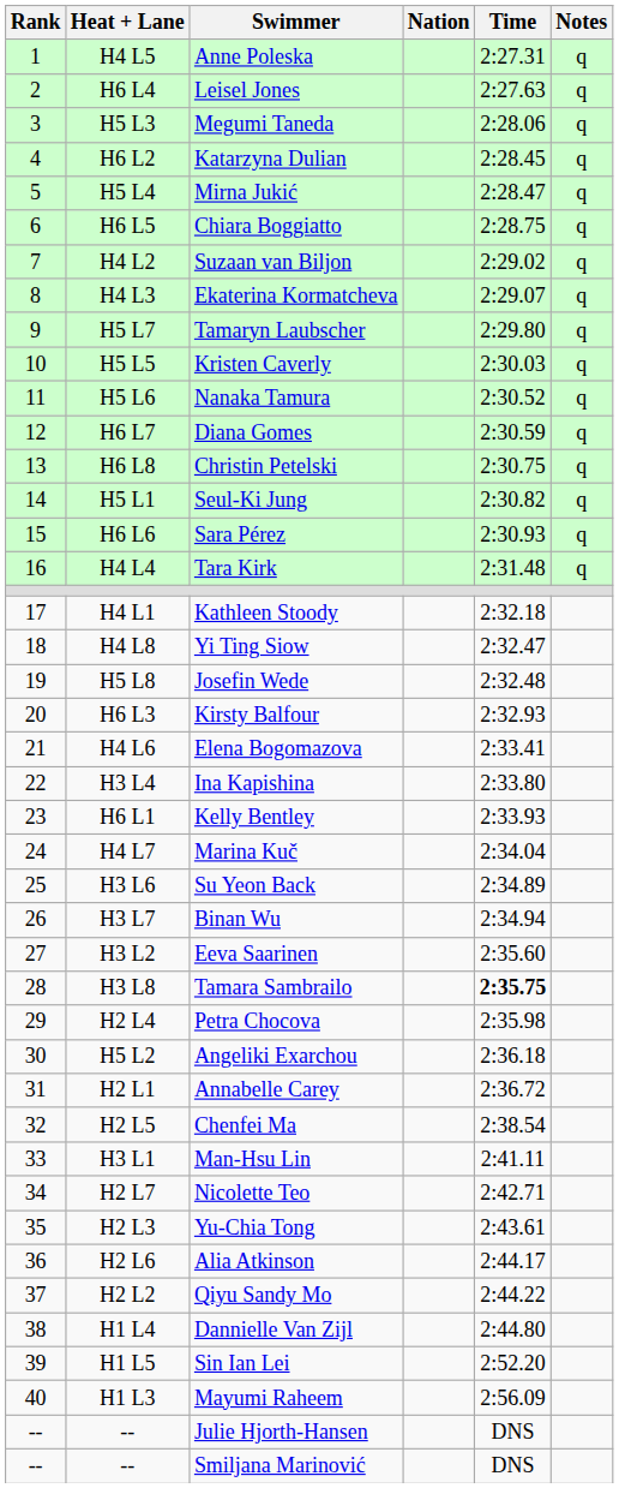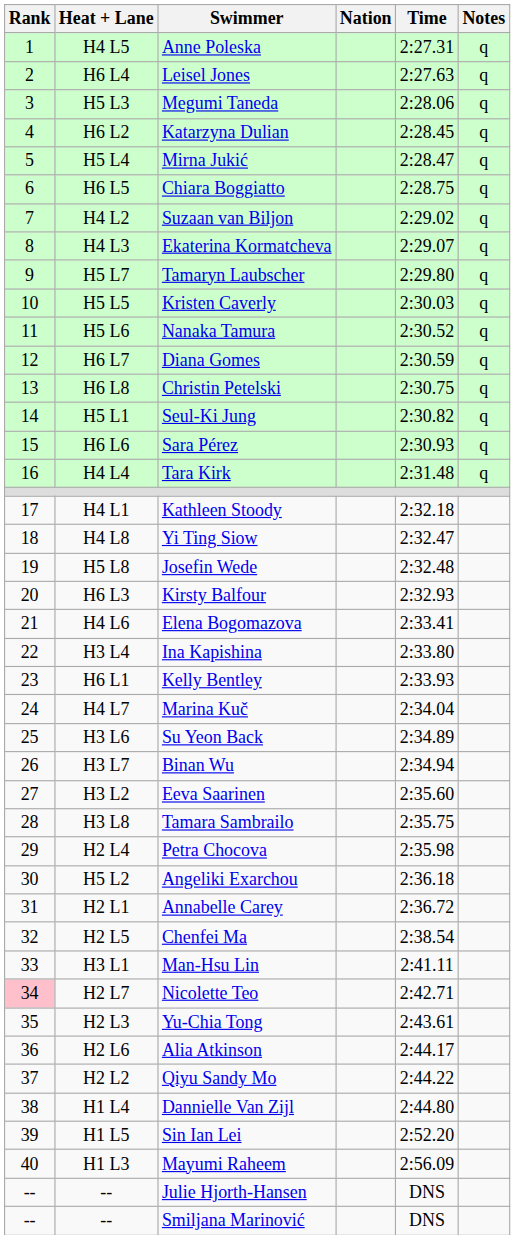 <table class="wikitable sortable" style="text-align:center">
 <tr>
 <th>Rank</th>
 <th>Heat + Lane</th>
 <th>Swimmer</th>
 <th>Nation</th>
 <th>Time</th>
 <th>Notes</th>
 </tr>
 <tr bgcolor=ccffcc>
 <td>1</td>
 <td>H4 L5</td>
 <td align=left><a href='#'>Anne Poleska</a></td>
 <td align=left></td>
 <td>2:27.31</td>
 <td>q</td>
 </tr>
 <tr bgcolor=ccffcc>
 <td>2</td>
 <td>H6 L4</td>
 <td align=left><a href='#'>Leisel Jones</a></td>
 <td align=left></td>
 <td>2:27.63</td>
 <td>q</td>
 </tr>
 <tr bgcolor=ccffcc>
 <td>3</td>
 <td>H5 L3</td>
 <td align=left><a href='#'>Megumi Taneda</a></td>
 <td align=left></td>
 <td>2:28.06</td>
 <td>q</td>
 </tr>
 <tr bgcolor=ccffcc>
 <td>4</td>
 <td>H6 L2</td>
 <td align=left><a href='#'>Katarzyna Dulian</a></td>
 <td align=left></td>
 <td>2:28.45</td>
 <td>q</td>
 </tr>
 <tr bgcolor=ccffcc>
 <td>5</td>
 <td>H5 L4</td>
 <td align=left><a href='#'>Mirna Jukić</a></td>
 <td align=left></td>
 <td>2:28.47</td>
 <td>q</td>
 </tr>
 <tr bgcolor=ccffcc>
 <td>6</td>
 <td>H6 L5</td>
 <td align=left><a href='#'>Chiara Boggiatto</a></td>
 <td align=left></td>
 <td>2:28.75</td>
 <td>q</td>
 </tr>
 <tr bgcolor=ccffcc>
 <td>7</td>
 <td>H4 L2</td>
 <td align=left><a href='#'>Suzaan van Biljon</a></td>
 <td align=left></td>
 <td>2:29.02</td>
 <td>q</td>
 </tr>
 <tr bgcolor=ccffcc>
 <td>8</td>
 <td>H4 L3</td>
 <td align=left><a href='#'>Ekaterina Kormatcheva</a></td>
 <td align=left></td>
 <td>2:29.07</td>
 <td>q</td>
 </tr>
 <tr bgcolor=ccffcc>
 <td>9</td>
 <td>H5 L7</td>
 <td align=left><a href='#'>Tamaryn Laubscher</a></td>
 <td align=left></td>
 <td>2:29.80</td>
 <td>q</td>
 </tr>
 <tr bgcolor=ccffcc>
 <td>10</td>
 <td>H5 L5</td>
 <td align=left><a href='#'>Kristen Caverly</a></td>
 <td align=left></td>
 <td>2:30.03</td>
 <td>q</td>
 </tr>
 <tr bgcolor=ccffcc>
 <td>11</td>
 <td>H5 L6</td>
 <td align=left><a href='#'>Nanaka Tamura</a></td>
 <td align=left></td>
 <td>2:30.52</td>
 <td>q</td>
 </tr>
 <tr bgcolor=ccffcc>
 <td>12</td>
 <td>H6 L7</td>
 <td align=left><a href='#'>Diana Gomes</a></td>
 <td align=left></td>
 <td>2:30.59</td>
 <td>q</td>
 </tr>
 <tr bgcolor=ccffcc>
 <td>13</td>
 <td>H6 L8</td>
 <td align=left><a href='#'>Christin Petelski</a></td>
 <td align=left></td>
 <td>2:30.75</td>
 <td>q</td>
 </tr>
 <tr bgcolor=ccffcc>
 <td>14</td>
 <td>H5 L1</td>
 <td align=left><a href='#'>Seul-Ki Jung</a></td>
 <td align=left></td>
 <td>2:30.82</td>
 <td>q</td>
 </tr>
 <tr bgcolor=ccffcc>
 <td>15</td>
 <td>H6 L6</td>
 <td align=left><a href='#'>Sara Pérez</a></td>
 <td align=left></td>
 <td>2:30.93</td>
 <td>q</td>
 </tr>
 <tr bgcolor=ccffcc>
 <td>16</td>
 <td>H4 L4</td>
 <td align=left><a href='#'>Tara Kirk</a></td>
 <td align=left></td>
 <td>2:31.48</td>
 <td>q</td>
 </tr>
 <tr bgcolor=#DDDDDD>
 <td colspan=6></td>
 </tr>
 <tr>
 <td>17</td>
 <td>H4 L1</td>
 <td align=left><a href='#'>Kathleen Stoody</a></td>
 <td align=left></td>
 <td>2:32.18</td>
 <td></td>
 </tr>
 <tr>
 <td>18</td>
 <td>H4 L8</td>
 <td align=left><a href='#'>Yi Ting Siow</a></td>
 <td align=left></td>
 <td>2:32.47</td>
 <td></td>
 </tr>
 <tr>
 <td>19</td>
 <td>H5 L8</td>
 <td align=left><a href='#'>Josefin Wede</a></td>
 <td align=left></td>
 <td>2:32.48</td>
 <td></td>
 </tr>
 <tr>
 <td>20</td>
 <td>H6 L3</td>
 <td align=left><a href='#'>Kirsty Balfour</a></td>
 <td align=left></td>
 <td>2:32.93</td>
 <td></td>
 </tr>
 <tr>
 <td>21</td>
 <td>H4 L6</td>
 <td align=left><a href='#'>Elena Bogomazova</a></td>
 <td align=left></td>
 <td>2:33.41</td>
 <td></td>
 </tr>
 <tr>
 <td>22</td>
 <td>H3 L4</td>
 <td align=left><a href='#'>Ina Kapishina</a></td>
 <td align=left></td>
 <td>2:33.80</td>
 <td></td>
 </tr>
 <tr>
 <td>23</td>
 <td>H6 L1</td>
 <td align=left><a href='#'>Kelly Bentley</a></td>
 <td align=left></td>
 <td>2:33.93</td>
 <td></td>
 </tr>
 <tr>
 <td>24</td>
 <td>H4 L7</td>
 <td align=left><a href='#'>Marina Kuč</a></td>
 <td align=left></td>
 <td>2:34.04</td>
 <td></td>
 </tr>
 <tr>
 <td>25</td>
 <td>H3 L6</td>
 <td align=left><a href='#'>Su Yeon Back</a></td>
 <td align=left></td>
 <td>2:34.89</td>
 <td></td>
 </tr>
 <tr>
 <td>26</td>
 <td>H3 L7</td>
 <td align=left><a href='#'>Binan Wu</a></td>
 <td align=left></td>
 <td>2:34.94</td>
 <td></td>
 </tr>
 <tr>
 <td>27</td>
 <td>H3 L2</td>
 <td align=left><a href='#'>Eeva Saarinen</a></td>
 <td align=left></td>
 <td>2:35.60</td>
 <td></td>
 </tr>
 <tr>
 <td>28</td>
 <td>H3 L8</td>
 <td align=left><a href='#'>Tamara Sambrailo</a></td>
 <td align=left></td>
-<td><strong>2:35.75</strong></td>
+<td>2:35.75</td>
 <td></td>
 </tr>
 <tr>
 <td>29</td>
 <td>H2 L4</td>
 <td align=left><a href='#'>Petra Chocova</a></td>
 <td align=left></td>
 <td>2:35.98</td>
 <td></td>
 </tr>
 <tr>
 <td>30</td>
 <td>H5 L2</td>
 <td align=left><a href='#'>Angeliki Exarchou</a></td>
 <td align=left></td>
 <td>2:36.18</td>
 <td></td>
 </tr>
 <tr>
 <td>31</td>
 <td>H2 L1</td>
 <td align=left><a href='#'>Annabelle Carey</a></td>
 <td align=left></td>
 <td>2:36.72</td>
 <td></td>
 </tr>
 <tr>
 <td>32</td>
 <td>H2 L5</td>
 <td align=left><a href='#'>Chenfei Ma</a></td>
 <td align=left></td>
 <td>2:38.54</td>
 <td></td>
 </tr>
 <tr>
 <td>33</td>
 <td>H3 L1</td>
 <td align=left><a href='#'>Man-Hsu Lin</a></td>
 <td align=left></td>
 <td>2:41.11</td>
 <td></td>
 </tr>
 <tr>
-<td>34</td>
+<td style="background: pink;">34</td>
 <td>H2 L7</td>
 <td align=left><a href='#'>Nicolette Teo</a></td>
 <td align=left></td>
 <td>2:42.71</td>
 <td></td>
 </tr>
 <tr>
 <td>35</td>
 <td>H2 L3</td>
 <td align=left><a href='#'>Yu-Chia Tong</a></td>
 <td align=left></td>
 <td>2:43.61</td>
 <td></td>
 </tr>
 <tr>
 <td>36</td>
 <td>H2 L6</td>
 <td align=left><a href='#'>Alia Atkinson</a></td>
 <td align=left></td>
 <td>2:44.17</td>
 <td></td>
 </tr>
 <tr>
 <td>37</td>
 <td>H2 L2</td>
 <td align=left><a href='#'>Qiyu Sandy Mo</a></td>
 <td align=left></td>
 <td>2:44.22</td>
 <td></td>
 </tr>
 <tr>
 <td>38</td>
 <td>H1 L4</td>
 <td align=left><a href='#'>Dannielle Van Zijl</a></td>
 <td align=left></td>
 <td>2:44.80</td>
 <td></td>
 </tr>
 <tr>
 <td>39</td>
 <td>H1 L5</td>
 <td align=left><a href='#'>Sin Ian Lei</a></td>
 <td align=left></td>
 <td>2:52.20</td>
 <td></td>
 </tr>
 <tr>
 <td>40</td>
 <td>H1 L3</td>
 <td align=left><a href='#'>Mayumi Raheem</a></td>
 <td align=left></td>
 <td>2:56.09</td>
 <td></td>
 </tr>
 <tr>
 <td>--</td>
 <td>--</td>
 <td align=left><a href='#'>Julie Hjorth-Hansen</a></td>
 <td align=left></td>
 <td>DNS</td>
 <td></td>
 </tr>
 <tr>
 <td>--</td>
 <td>--</td>
 <td align=left><a href='#'>Smiljana Marinović</a></td>
 <td align=left></td>
 <td>DNS</td>
 <td></td>
 </tr>
 <tr>
 </tr>
 </table>
